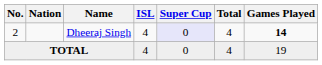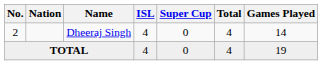 <table class="wikitable sortable" style="font-size: 95%; text-align: center;">
 <tr>
 <th>No.</th>
 <th>Nation</th>
 <th>Name</th>
 <th><a href='#'>ISL</a></th>
 <th><a href='#'>Super Cup</a></th>
 <th>Total</th>
 <th>Games Played</th>
 </tr>
 <tr>
 <td>2</td>
 <td></td>
 <td><a href='#'>Dheeraj Singh</a></td>
 <td>4</td>
-<td style="background: lavender;">0</td>
+<td>0</td>
 <td>4</td>
-<td><strong>14</strong></td>
+<td>14</td>
 </tr>
 <tr bgcolor="#efefef">
 <td colspan=3><strong>TOTAL</strong></td>
 <td>4</td>
 <td>0</td>
 <td>4</td>
 <td>19</td>
 </tr>
 </table>
